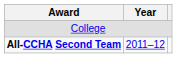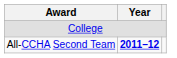 <table class="wikitable">
 <tr>
 <th>Award</th>
 <th>Year</th>
 <th></th>
 </tr>
 <tr ALIGN="center" bgcolor="#e0e0e0">
 <td colspan="3"><a href='#'>College</a></td>
 </tr>
 <tr>
-<td><strong>All-<a href='#'>CCHA</a> <a href='#'>Second Team</a></strong></td>
-<td><a href='#'>2011–12</a></td>
+<td>All-<a href='#'>CCHA</a> <a href='#'>Second Team</a></td>
+<td><strong><a href='#'>2011–12</a></strong></td>
 <td></td>
 </tr>
 </table>
